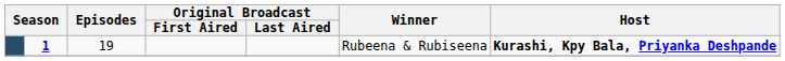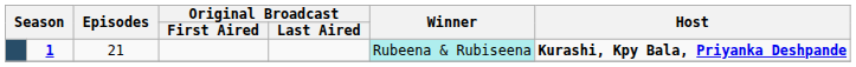 <table class="wikitable" style="text-align:center">
 <tr>
 <th style="padding: 0 8px" colspan="2" rowspan="2">Season</th>
 <th style="padding: 0 8px" rowspan="2">Episodes</th>
 <th style="padding: 0 8px" colspan="2">Original Broadcast</th>
 <th style="padding: 0 8px" rowspan="2">Winner</th>
 <th style="padding: 0 8px" rowspan="2">Host</th>
 </tr>
 <tr>
 <th style="padding: 0 8px">First Aired</th>
 <th style="padding: 0 8px">Last Aired</th>
 </tr>
 <tr>
 <td style="background:#284D68"></td>
 <td align="center"><strong><a href='#'>1</a></strong></td>
-<td>19</td>
+<td>21</td>
 <td align="center"></td>
 <td></td>
-<td>Rubeena & Rubiseena</td>
+<td style="background: paleturquoise;">Rubeena & Rubiseena</td>
 <td><strong>Kurashi, Kpy Bala, <a href='#'>Priyanka Deshpande</a></strong></td>
 </tr>
 <tr>
 </tr>
 </table>
